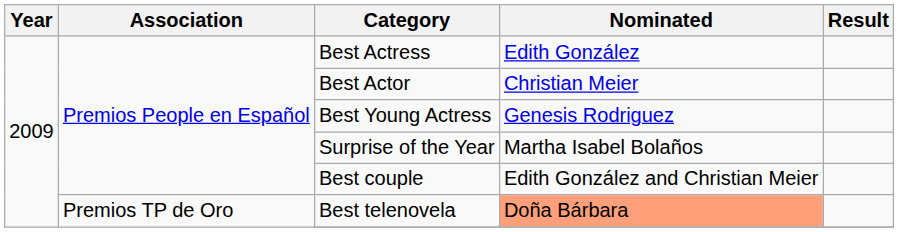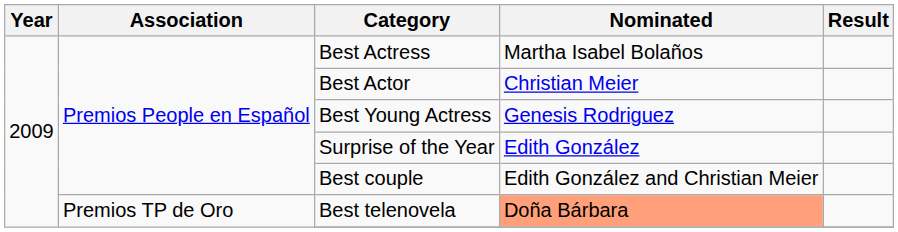 <table class="wikitable sortable">
 <tr>
 <th>Year</th>
 <th>Association</th>
 <th>Category</th>
 <th>Nominated</th>
 <th>Result</th>
 </tr>
 <tr>
 <td rowspan=8>2009</td>
 <td rowspan=5><a href='#'>Premios People en Español</a></td>
 <td>Best Actress</td>
-<td><a href='#'>Edith González</a></td>
+<td>Martha Isabel Bolaños</td>
 <td></td>
 </tr>
 <tr>
 <td>Best Actor</td>
 <td><a href='#'>Christian Meier</a></td>
 <td></td>
 </tr>
 <tr>
 <td>Best Young Actress</td>
 <td><a href='#'>Genesis Rodriguez</a></td>
 <td></td>
 </tr>
 <tr>
 <td>Surprise of the Year</td>
-<td>Martha Isabel Bolaños</td>
+<td><a href='#'>Edith González</a></td>
 <td></td>
 </tr>
 <tr>
 <td>Best couple</td>
 <td>Edith González and Christian Meier</td>
 <td></td>
 </tr>
 <tr>
 <td rowspan=5>Premios TP de Oro</td>
 <td>Best telenovela</td>
 <td style="background: lightsalmon;">Doña Bárbara</td>
 <td></td>
 </tr>
 <tr>
 </tr>
 </table>
